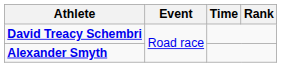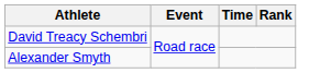 <table class=wikitable style="font-size:90%;">
 <tr>
 <th>Athlete</th>
 <th>Event</th>
 <th>Time</th>
 <th>Rank</th>
 </tr>
 <tr align=center>
-<td align=left><strong><a href='#'>David Treacy Schembri</a></strong></td>
+<td align=left><a href='#'>David Treacy Schembri</a></td>
 <td align=left rowspan=2><a href='#'>Road race</a></td>
 <td colspan=2></td>
 </tr>
 <tr align=center>
-<td align=left><strong><a href='#'>Alexander Smyth</a></strong></td>
+<td align=left><a href='#'>Alexander Smyth</a></td>
 <td colspan=2></td>
 </tr>
 </table>
